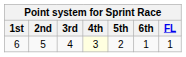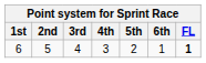 <table class="wikitable" style="font-size:95%; text-align:center">
 <tr>
 <th colspan="7">Point system for Sprint Race</th>
 </tr>
 <tr>
 <th> 1st </th>
 <th> 2nd </th>
 <th> 3rd </th>
 <th> 4th </th>
 <th> 5th </th>
 <th> 6th </th>
 <th> <strong><a href='#'>FL</a></strong> </th>
 </tr>
 <tr>
 <td>6</td>
 <td>5</td>
 <td>4</td>
-<td style="background: lightyellow;">3</td>
+<td>3</td>
 <td>2</td>
 <td>1</td>
-<td>1</td>
+<td><strong>1</strong></td>
 </tr>
 </table>
